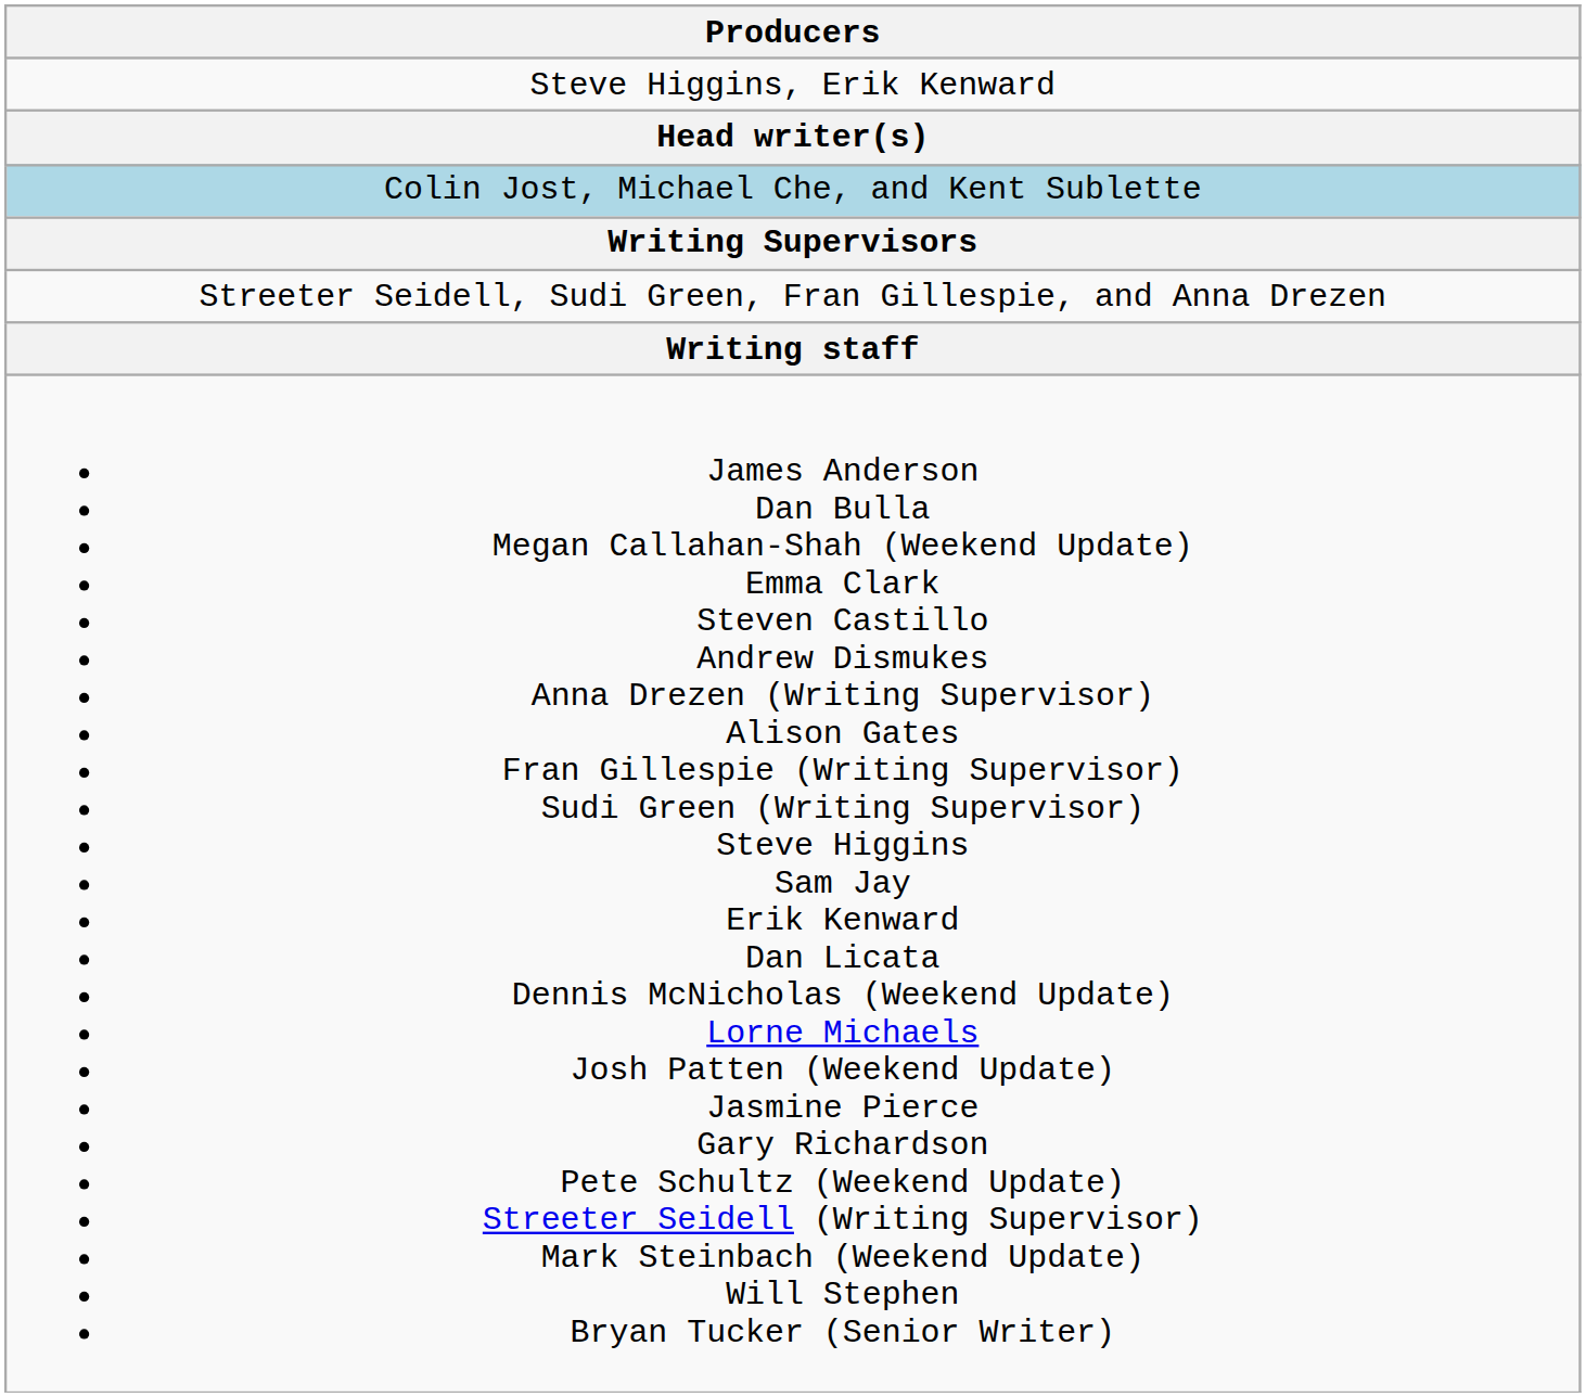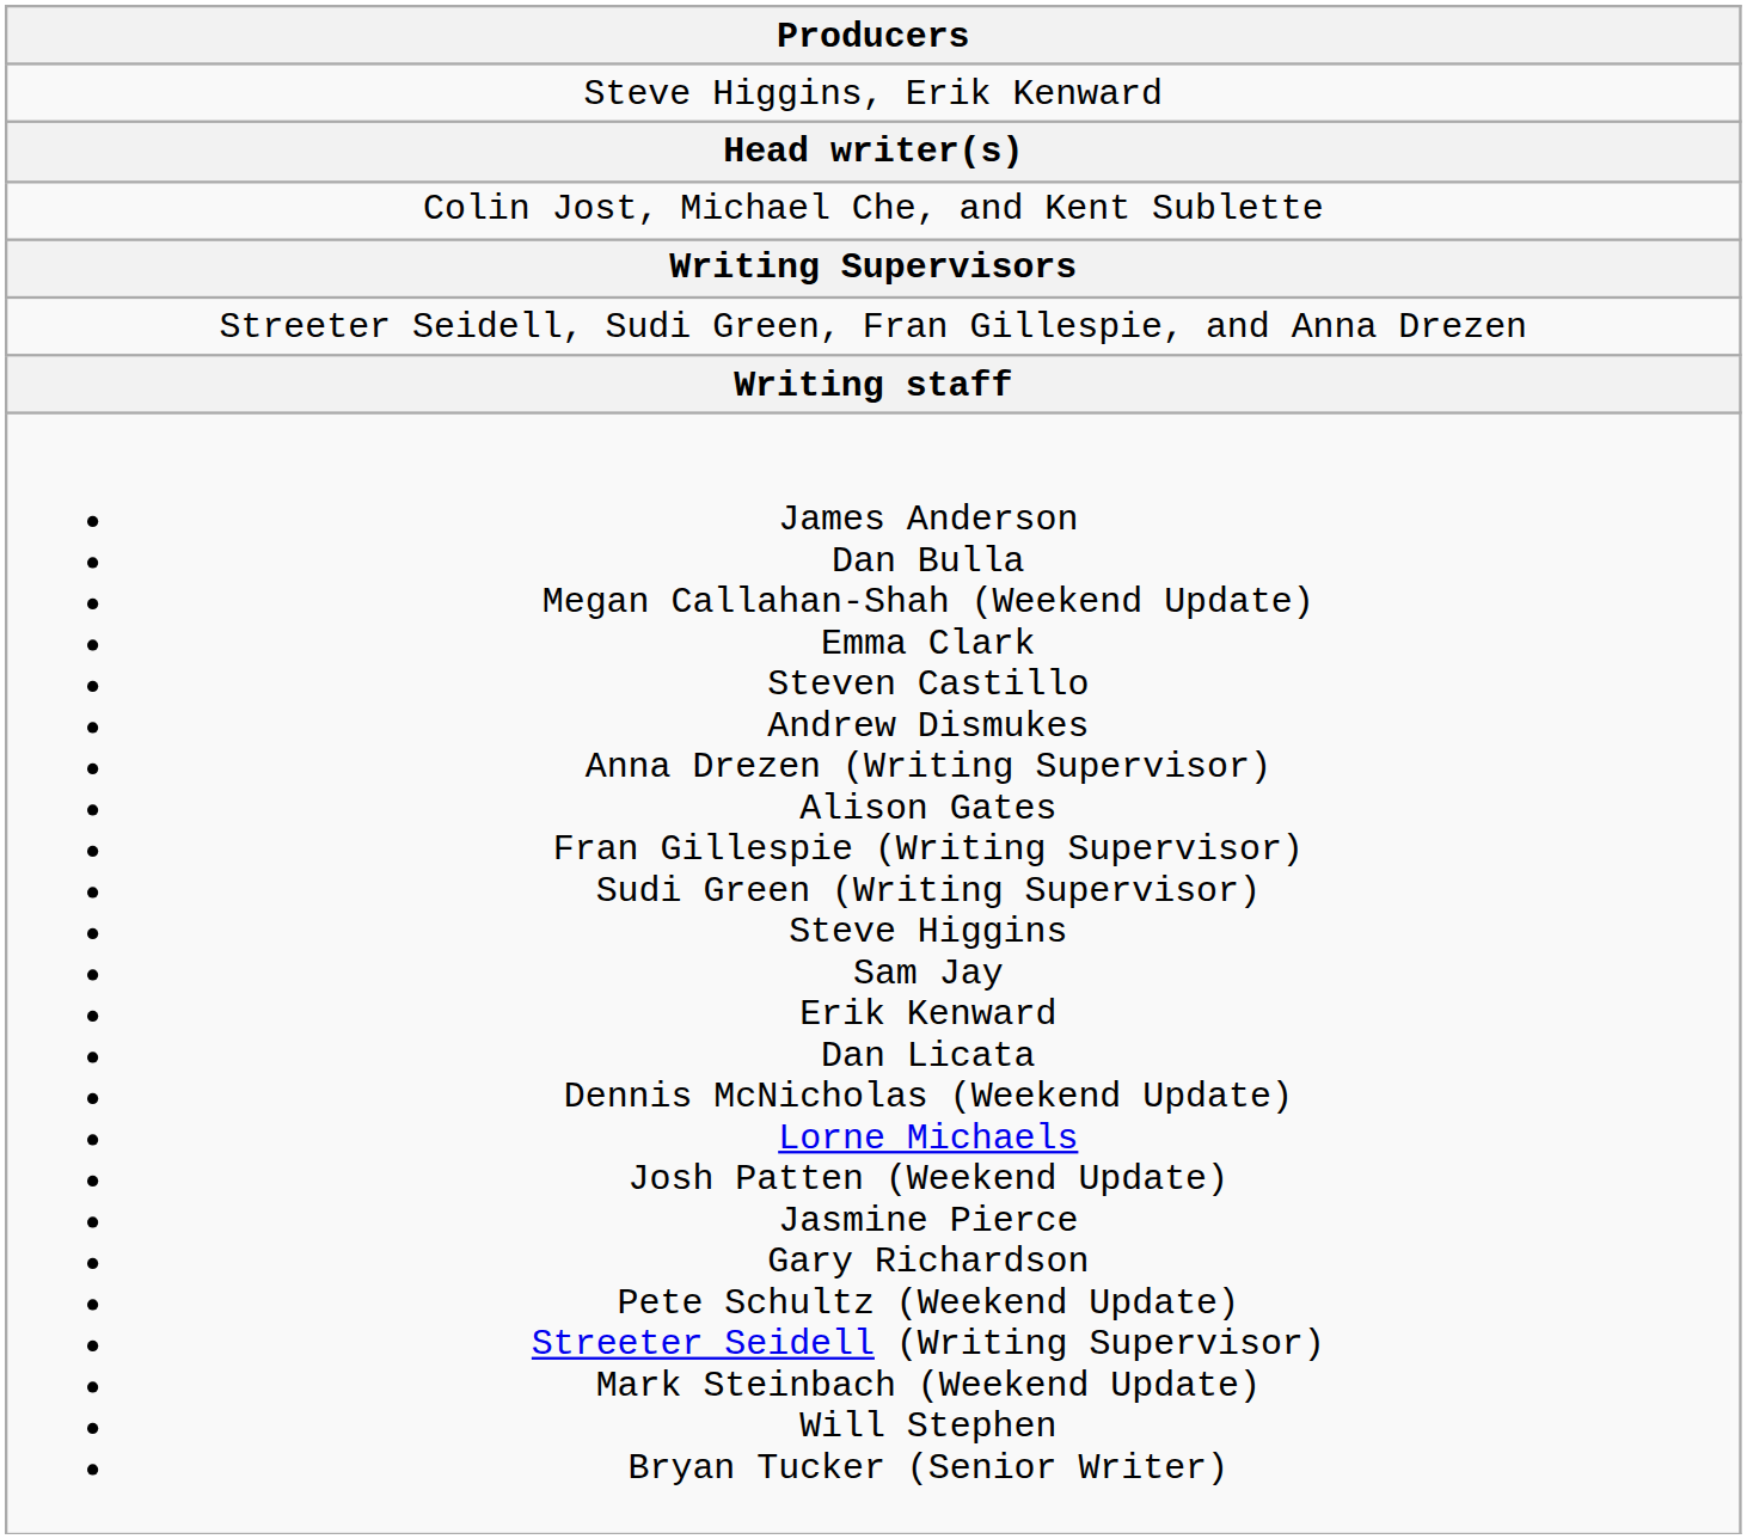 <table class="wikitable plainrowheaders"  style="text-align:center; width:50%;">
 <tr>
 <th><strong>Producers</strong></th>
 </tr>
 <tr>
 <td>Steve Higgins, Erik Kenward</td>
 </tr>
 <tr>
 <th><strong>Head writer(s)</strong></th>
 </tr>
 <tr>
-<td style="background: lightblue;">Colin Jost, Michael Che, and Kent Sublette</td>
+<td>Colin Jost, Michael Che, and Kent Sublette</td>
 </tr>
 <tr>
 <th><strong>Writing Supervisors</strong></th>
 </tr>
 <tr>
 <td>Streeter Seidell, Sudi Green, Fran Gillespie, and Anna Drezen</td>
 </tr>
 <tr>
 <th><strong>Writing staff</strong></th>
 </tr>
 <tr>
 <td><br><ul><li>James Anderson</li><li>Dan Bulla</li><li>Megan Callahan-Shah (Weekend Update)</li><li>Emma Clark</li><li>Steven Castillo</li><li>Andrew Dismukes</li><li>Anna Drezen (Writing Supervisor)</li><li>Alison Gates</li><li>Fran Gillespie (Writing Supervisor)</li><li>Sudi Green (Writing Supervisor)</li><li>Steve Higgins</li><li>Sam Jay</li><li>Erik Kenward</li><li>Dan Licata</li><li>Dennis McNicholas (Weekend Update)</li><li><a href='#'>Lorne Michaels</a></li><li>Josh Patten (Weekend Update)</li><li>Jasmine Pierce</li><li>Gary Richardson</li><li>Pete Schultz (Weekend Update)</li><li><a href='#'>Streeter Seidell</a> (Writing Supervisor)</li><li>Mark Steinbach (Weekend Update)</li><li>Will Stephen</li><li>Bryan Tucker (Senior Writer)</li></ul></td>
 </tr>
 </table>
